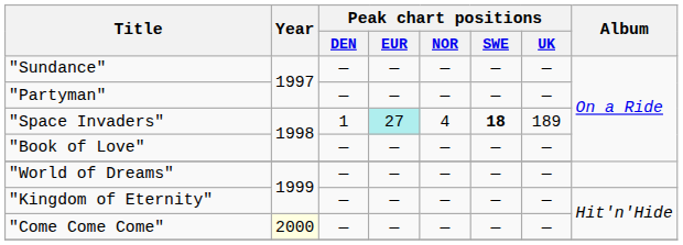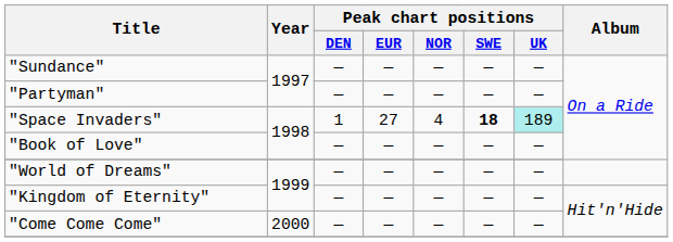 <table class="wikitable plainrowheaders" style="text-align:center;">
 <tr>
 <th scope="col" rowspan="2" style="width:16em;">Title</th>
 <th scope="col" rowspan="2">Year</th>
 <th scope="col" colspan="5">Peak chart positions</th>
 <th scope="col" rowspan="2">Album</th>
 </tr>
 <tr>
 <th scope="col" style="width:3em;font-size:90%;"><a href='#'>DEN</a><br></th>
 <th scope="col" style="width:3em;font-size:90%;"><a href='#'>EUR</a></th>
 <th scope="col" style="width:3em;font-size:90%;"><a href='#'>NOR</a></th>
 <th scope="col" style="width:3em;font-size:90%;"><a href='#'>SWE</a></th>
 <th scope="col" style="width:3em;font-size:90%;"><a href='#'>UK</a></th>
 </tr>
 <tr>
 <td align="left">"Sundance"</td>
 <td rowspan=2>1997</td>
 <td>—</td>
 <td>—</td>
 <td>—</td>
 <td>—</td>
 <td>—</td>
 <td align="left" rowspan="5"><em><a href='#'>On a Ride</a></em></td>
 </tr>
 <tr>
 <td align="left">"Partyman"</td>
 <td>—</td>
 <td>—</td>
 <td>—</td>
 <td>—</td>
 <td>—</td>
 </tr>
 <tr>
 <td align="left">"Space Invaders"</td>
 <td rowspan=2>1998</td>
 <td>1</td>
-<td style="background: paleturquoise;">27</td>
+<td>27</td>
 <td>4</td>
 <td><strong>18</strong></td>
-<td>189</td>
+<td style="background: paleturquoise;">189</td>
 </tr>
 <tr>
 <td align="left">"Book of Love"</td>
 <td>—</td>
 <td>—</td>
 <td>—</td>
 <td>—</td>
 <td>—</td>
 </tr>
 <tr>
 </tr>
 <tr>
 <td align="left">"World of Dreams"</td>
 <td rowspan=2>1999</td>
 <td>—</td>
 <td>—</td>
 <td>—</td>
 <td>—</td>
 <td>—</td>
 </tr>
 <tr>
 <td align="left">"Kingdom of Eternity"</td>
 <td>—</td>
 <td>—</td>
 <td>—</td>
 <td>—</td>
 <td>—</td>
 <td align="left" rowspan="2"><em>Hit'n'Hide</em></td>
 </tr>
 <tr>
 <td align="left">"Come Come Come"</td>
-<td style="background: lightyellow;">2000</td>
+<td>2000</td>
 <td>—</td>
 <td>—</td>
 <td>—</td>
 <td>—</td>
 <td>—</td>
 </tr>
 <tr>
 </tr>
 </table>
